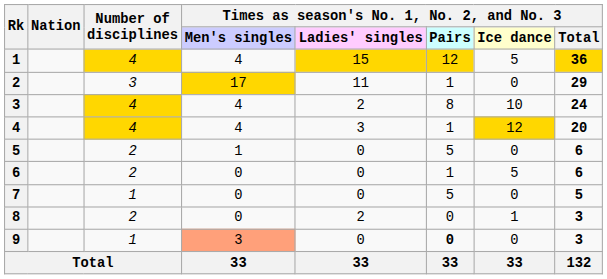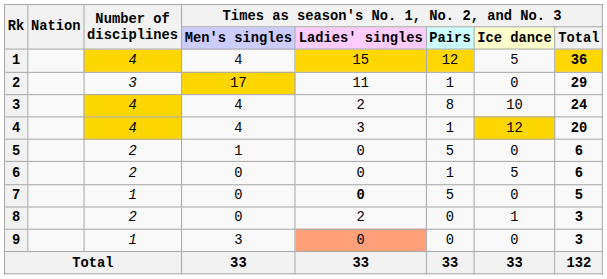 <table class="wikitable sortable" style="text-align: center;">
 <tr>
 <th rowspan="2">Rk</th>
 <th rowspan="2">Nation</th>
 <th rowspan="2">Number of<br>disciplines</th>
 <th colspan="5">Times as season's No. 1, No. 2, and No. 3</th>
 </tr>
 <tr>
 <th style="background-color: #ccf;">Men's singles</th>
 <th style="background-color: #fcf;">Ladies' singles</th>
 <th style="background-color: #cff;">Pairs</th>
 <th style="background-color: #ffc;">Ice dance</th>
 <th>Total</th>
 </tr>
 <tr>
 <th>1</th>
 <td></td>
 <td style="background-color: gold;"><em>4</em></td>
 <td>4</td>
 <td style="background-color: gold;">15</td>
 <td style="background-color: gold;">12</td>
 <td>5</td>
 <td style="background-color: gold;"><strong>36</strong></td>
 </tr>
 <tr>
 <th>2</th>
 <td></td>
 <td><em>3</em></td>
 <td style="background-color: gold;">17</td>
 <td>11</td>
 <td>1</td>
 <td>0</td>
 <td><strong>29</strong></td>
 </tr>
 <tr>
 <th>3</th>
 <td></td>
 <td style="background-color: gold;"><em>4</em></td>
 <td>4</td>
 <td>2</td>
 <td>8</td>
 <td>10</td>
 <td><strong>24</strong></td>
 </tr>
 <tr>
 <th>4</th>
 <td></td>
 <td style="background-color: gold;"><em>4</em></td>
 <td>4</td>
 <td>3</td>
 <td>1</td>
 <td style="background-color: gold;">12</td>
 <td><strong>20</strong></td>
 </tr>
 <tr>
 <th>5</th>
 <td></td>
 <td><em>2</em></td>
 <td>1</td>
 <td>0</td>
 <td>5</td>
 <td>0</td>
 <td><strong>6</strong></td>
 </tr>
 <tr>
 <th>6</th>
 <td></td>
 <td><em>2</em></td>
 <td>0</td>
 <td>0</td>
 <td>1</td>
 <td>5</td>
 <td><strong>6</strong></td>
 </tr>
 <tr>
 <th>7</th>
 <td></td>
 <td><em>1</em></td>
 <td>0</td>
-<td>0</td>
+<td><strong>0</strong></td>
 <td>5</td>
 <td>0</td>
 <td><strong>5</strong></td>
 </tr>
 <tr>
 <th>8</th>
 <td></td>
 <td><em>2</em></td>
 <td>0</td>
 <td>2</td>
 <td>0</td>
 <td>1</td>
 <td><strong>3</strong></td>
 </tr>
 <tr>
 <th>9</th>
 <td></td>
 <td><em>1</em></td>
-<td style="background: lightsalmon;">3</td>
+<td>3</td>
+<td style="background: lightsalmon;">0</td>
 <td>0</td>
-<td><strong>0</strong></td>
 <td>0</td>
 <td><strong>3</strong></td>
 </tr>
 <tr class="sortbottom">
 <th colspan="3">Total</th>
 <th>33</th>
 <th>33</th>
 <th>33</th>
 <th>33</th>
 <th>132</th>
 </tr>
 </table>
